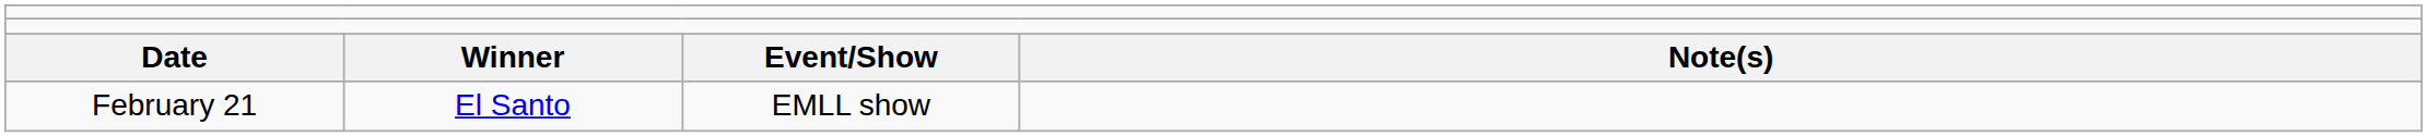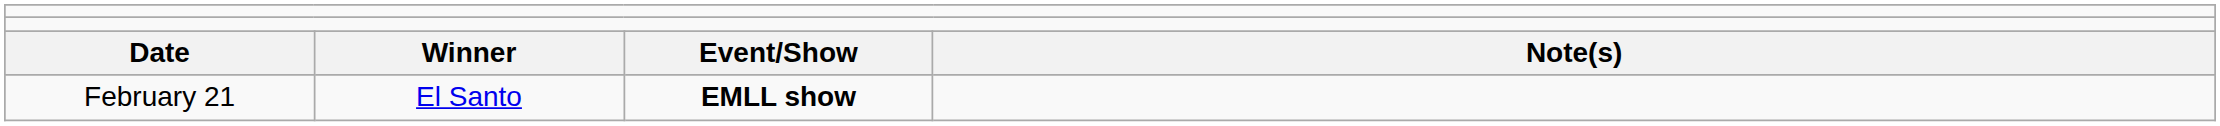 <table class="wikitable" style="text-align:center; width:100%;">
 <tr>
 <td colspan="5"></td>
 </tr>
 <tr>
 <td colspan="5"><strong></strong></td>
 </tr>
 <tr>
 <th width=14%>Date</th>
 <th width=14%>Winner</th>
 <th width=14%>Event/Show</th>
 <th width=58%>Note(s)</th>
 </tr>
 <tr>
 <td>February 21</td>
 <td><a href='#'>El Santo</a></td>
-<td>EMLL show</td>
+<td><strong>EMLL show</strong></td>
 <td align=left></td>
 </tr>
 </table>
